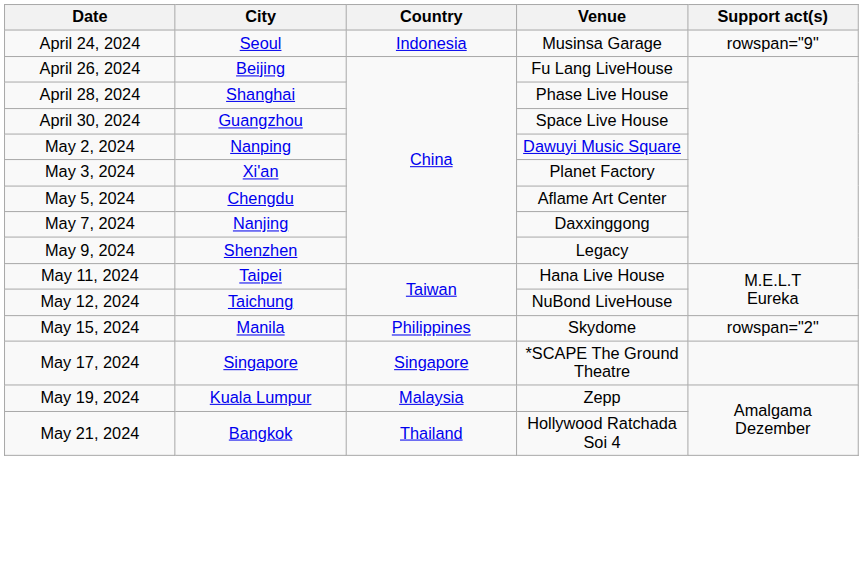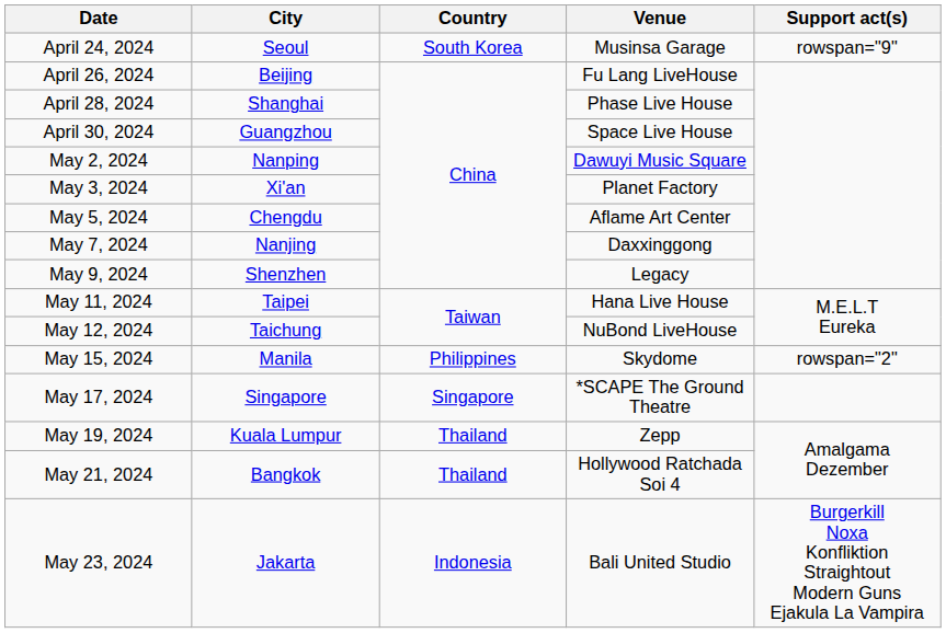 <table class="wikitable" style="text-align:center;">
 <tr>
 <th scope="col" style="width:10em;">Date</th>
 <th scope="col" style="width:10em;">City</th>
 <th scope="col" style="width:10em;">Country</th>
 <th scope="col" style="width:10em;">Venue</th>
 <th scope="col" style="width:10em;">Support act(s)</th>
 </tr>
 <tr>
 <td>April 24, 2024</td>
 <td><a href='#'>Seoul</a></td>
-<td><a href='#'>Indonesia</a></td>
+<td><a href='#'>South Korea</a></td>
 <td>Musinsa Garage</td>
 <td>rowspan="9" </td>
 </tr>
 <tr>
 <td>April 26, 2024</td>
 <td><a href='#'>Beijing</a></td>
 <td rowspan="8"><a href='#'>China</a></td>
 <td>Fu Lang LiveHouse</td>
 </tr>
 <tr>
 <td>April 28, 2024</td>
 <td><a href='#'>Shanghai</a></td>
 <td>Phase Live House</td>
 </tr>
 <tr>
 <td>April 30, 2024</td>
 <td><a href='#'>Guangzhou</a></td>
 <td>Space Live House</td>
 </tr>
 <tr>
 <td>May 2, 2024</td>
 <td><a href='#'>Nanping</a></td>
 <td><a href='#'>Dawuyi Music Square</a></td>
 </tr>
 <tr>
 <td>May 3, 2024</td>
 <td><a href='#'>Xi'an</a></td>
 <td>Planet Factory</td>
 </tr>
 <tr>
 <td>May 5, 2024</td>
 <td><a href='#'>Chengdu</a></td>
 <td>Aflame Art Center</td>
 </tr>
 <tr>
 <td>May 7, 2024</td>
 <td><a href='#'>Nanjing</a></td>
 <td>Daxxinggong</td>
 </tr>
 <tr>
 <td>May 9, 2024</td>
 <td><a href='#'>Shenzhen</a></td>
 <td>Legacy</td>
 </tr>
 <tr>
 <td>May 11, 2024</td>
 <td><a href='#'>Taipei</a></td>
 <td rowspan="2"><a href='#'>Taiwan</a></td>
 <td>Hana Live House</td>
 <td rowspan="2">M.E.L.T<br>Eureka</td>
 </tr>
 <tr>
 <td>May 12, 2024</td>
 <td><a href='#'>Taichung</a></td>
 <td>NuBond LiveHouse</td>
 </tr>
 <tr>
 <td>May 15, 2024</td>
 <td><a href='#'>Manila</a></td>
 <td><a href='#'>Philippines</a></td>
 <td>Skydome</td>
 <td>rowspan="2" </td>
 </tr>
 <tr>
 <td>May 17, 2024</td>
 <td><a href='#'>Singapore</a></td>
 <td><a href='#'>Singapore</a></td>
 <td>*SCAPE The Ground Theatre</td>
 </tr>
 <tr>
 <td>May 19, 2024</td>
 <td><a href='#'>Kuala Lumpur</a></td>
-<td><a href='#'>Malaysia</a></td>
+<td><a href='#'>Thailand</a></td>
 <td>Zepp</td>
 <td rowspan="2">Amalgama<br>Dezember</td>
 </tr>
 <tr>
 <td>May 21, 2024</td>
 <td><a href='#'>Bangkok</a></td>
 <td><a href='#'>Thailand</a></td>
 <td>Hollywood Ratchada Soi 4</td>
 </tr>
+<tr>
+<td>May 23, 2024</td>
+<td><a href='#'>Jakarta</a></td>
+<td><a href='#'>Indonesia</a></td>
+<td>Bali United Studio</td>
+<td><a href='#'>Burgerkill</a><br><a href='#'>Noxa</a><br>Konfliktion<br>Straightout<br>Modern Guns<br>Ejakula La Vampira</td>
+</tr>
 </table>
